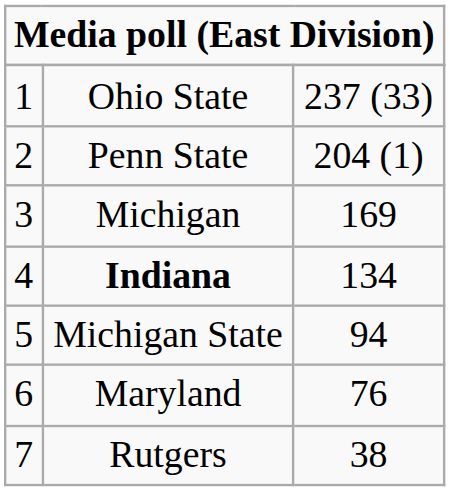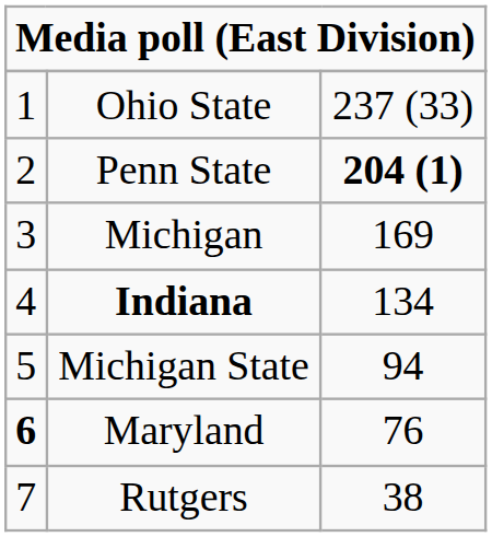 <table class="wikitable" style="display: inline-table;">
 <tr>
 <td align="center" Colspan="3"><strong>Media poll (East Division)</strong></td>
 </tr>
 <tr align="center">
 </tr>
 <tr align="center">
 <td>1</td>
 <td>Ohio State</td>
 <td>237 (33)</td>
 </tr>
 <tr align="center">
 <td>2</td>
 <td>Penn State</td>
-<td>204 (1)</td>
+<td><strong>204 (1)</strong></td>
 </tr>
 <tr align="center">
 <td>3</td>
 <td>Michigan</td>
 <td>169</td>
 </tr>
 <tr align="center">
 <td>4</td>
 <td><strong>Indiana</strong></td>
 <td>134</td>
 </tr>
 <tr align="center">
 <td>5</td>
 <td>Michigan State</td>
 <td>94</td>
 </tr>
 <tr align="center">
-<td>6</td>
+<td><strong>6</strong></td>
 <td>Maryland</td>
 <td>76</td>
 </tr>
 <tr align="center">
 <td>7</td>
 <td>Rutgers</td>
 <td>38</td>
 </tr>
 </table>
